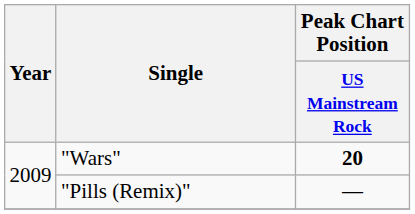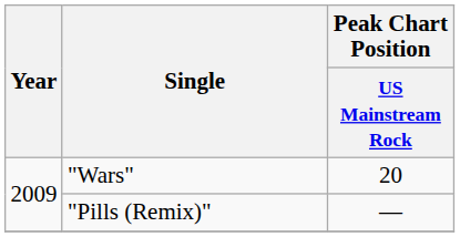 <table class="wikitable">
 <tr>
 <th width="28" rowspan="2">Year</th>
 <th width="175" rowspan="2">Single</th>
 <th colspan="2">Peak Chart Position</th>
 </tr>
 <tr>
 <th width="80"><small><a href='#'>US Mainstream Rock</a></small></th>
 </tr>
 <tr>
 <td rowspan="2">2009</td>
 <td>"Wars"</td>
-<td align="center"><strong>20 </strong></td>
+<td align="center">20 </td>
 </tr>
 <tr>
 <td>"Pills (Remix)" </td>
 <td align="center">—</td>
 </tr>
 <tr>
 </tr>
 </table>
